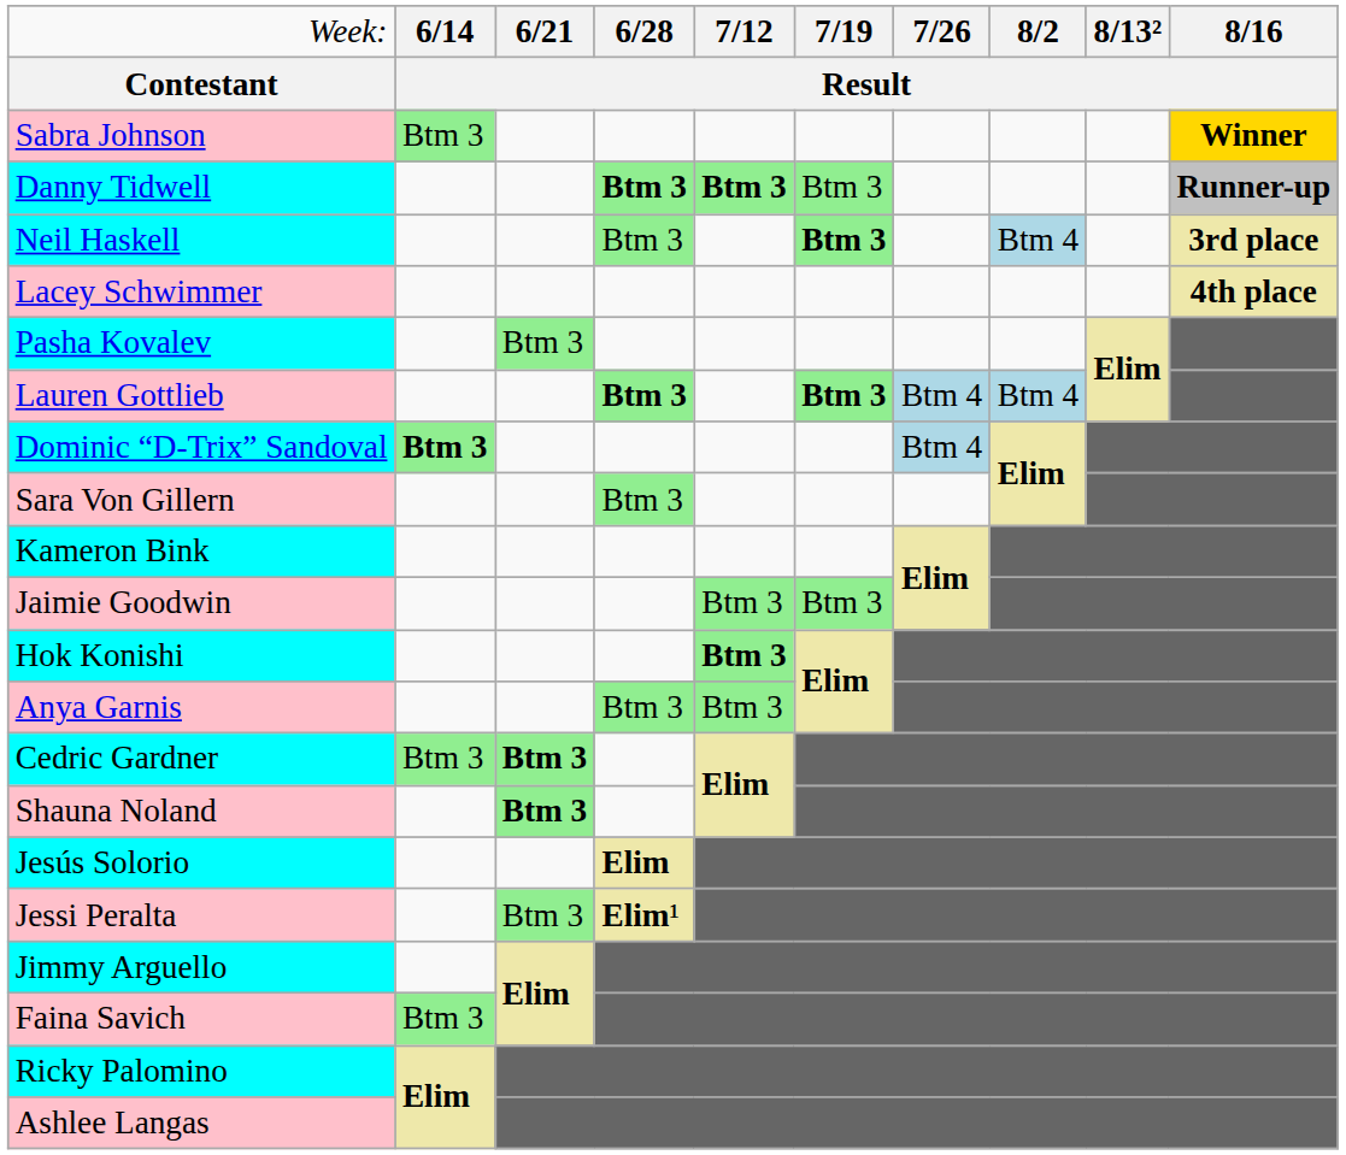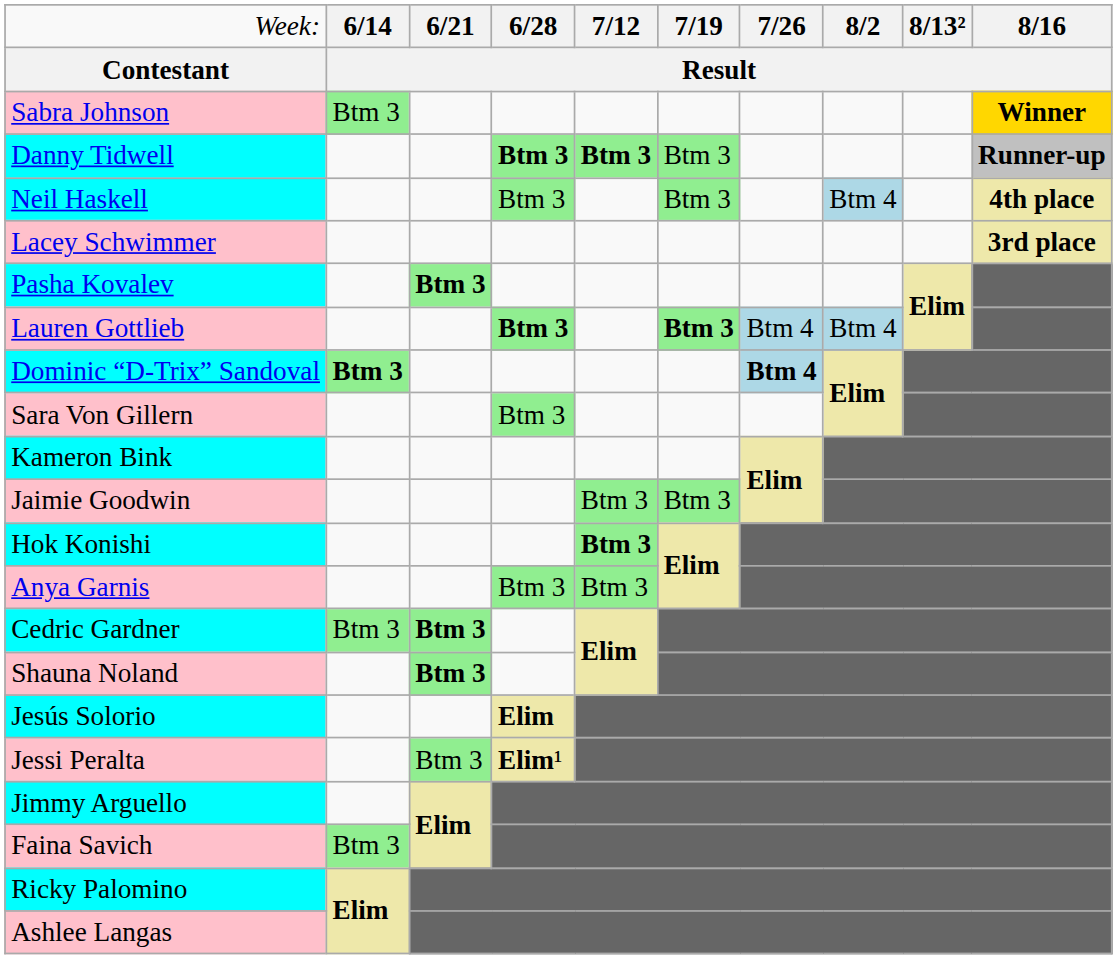 <table class="wikitable" style="margin:1em auto;">
 <tr>
 <td align="right"><em>Week:</em></td>
 <th>6/14</th>
 <th>6/21</th>
 <th>6/28</th>
 <th>7/12</th>
 <th>7/19</th>
 <th>7/26</th>
 <th>8/2</th>
 <th>8/13²</th>
 <th>8/16</th>
 </tr>
 <tr>
 <th>Contestant</th>
 <th colspan="9" align="center">Result</th>
 </tr>
 <tr>
 <td bgcolor="pink"><a href='#'>Sabra Johnson</a></td>
 <td bgcolor="lightgreen">Btm 3</td>
 <td></td>
 <td></td>
 <td></td>
 <td></td>
 <td></td>
 <td></td>
 <td></td>
 <td bgcolor="gold" align="center"><strong>Winner</strong></td>
 </tr>
 <tr>
 <td bgcolor="cyan"><a href='#'>Danny Tidwell</a></td>
 <td></td>
 <td></td>
 <td bgcolor="lightgreen"><strong>Btm 3</strong></td>
 <td bgcolor="lightgreen"><strong>Btm 3</strong></td>
 <td bgcolor="lightgreen">Btm 3</td>
 <td></td>
 <td></td>
 <td></td>
 <td bgcolor="silver" align="center"><strong>Runner-up</strong></td>
 </tr>
 <tr>
 <td bgcolor="cyan"><a href='#'>Neil Haskell</a></td>
 <td></td>
 <td></td>
 <td bgcolor="lightgreen">Btm 3</td>
 <td></td>
-<td bgcolor="lightgreen"><strong>Btm 3</strong></td>
+<td bgcolor="lightgreen">Btm 3</td>
 <td></td>
 <td bgcolor="lightblue">Btm 4</td>
 <td></td>
-<td bgcolor="palegoldenrod" align="center"><strong>3rd place</strong></td>
+<td bgcolor="palegoldenrod" align="center"><strong>4th place</strong></td>
 </tr>
 <tr>
 <td bgcolor="pink"><a href='#'>Lacey Schwimmer</a></td>
 <td></td>
 <td></td>
 <td></td>
 <td></td>
 <td></td>
 <td></td>
 <td></td>
 <td></td>
-<td bgcolor="palegoldenrod" align="center"><strong>4th place</strong></td>
+<td bgcolor="palegoldenrod" align="center"><strong>3rd place</strong></td>
 </tr>
 <tr>
 <td bgcolor="cyan"><a href='#'>Pasha Kovalev</a></td>
 <td></td>
-<td bgcolor="lightgreen">Btm 3</td>
+<td bgcolor="lightgreen"><strong>Btm 3</strong></td>
 <td></td>
 <td></td>
 <td></td>
 <td></td>
 <td></td>
 <td rowspan="2" bgcolor="palegoldenrod"><strong>Elim</strong></td>
 <td colspan="3" bgcolor="666666"></td>
 </tr>
 <tr>
 <td bgcolor="pink"><a href='#'>Lauren Gottlieb</a></td>
 <td></td>
 <td></td>
 <td bgcolor="lightgreen"><strong>Btm 3</strong></td>
 <td></td>
 <td bgcolor="lightgreen"><strong>Btm 3</strong></td>
 <td bgcolor="lightblue">Btm 4</td>
 <td bgcolor="lightblue">Btm 4</td>
 <td colspan="3" bgcolor="666666"></td>
 </tr>
 <tr>
 <td bgcolor="cyan"><a href='#'>Dominic “D-Trix” Sandoval</a></td>
 <td bgcolor="lightgreen"><strong>Btm 3</strong></td>
 <td></td>
 <td></td>
 <td></td>
 <td></td>
-<td bgcolor="lightblue">Btm 4</td>
+<td bgcolor="lightblue"><strong>Btm 4</strong></td>
 <td rowspan="2" bgcolor="palegoldenrod"><strong>Elim</strong></td>
 <td colspan="4" bgcolor="666666"></td>
 </tr>
 <tr>
 <td bgcolor="pink">Sara Von Gillern</td>
 <td></td>
 <td></td>
 <td bgcolor="lightgreen">Btm 3</td>
 <td></td>
 <td></td>
 <td></td>
 <td colspan="4" bgcolor="666666"></td>
 </tr>
 <tr>
 <td bgcolor="cyan">Kameron Bink</td>
 <td></td>
 <td></td>
 <td></td>
 <td></td>
 <td></td>
 <td rowspan="2" bgcolor="palegoldenrod"><strong>Elim</strong></td>
 <td colspan="5" bgcolor="666666"></td>
 </tr>
 <tr>
 <td bgcolor="pink">Jaimie Goodwin</td>
 <td></td>
 <td></td>
 <td></td>
 <td bgcolor="lightgreen">Btm 3</td>
 <td bgcolor="lightgreen">Btm 3</td>
 <td colspan="5" bgcolor="666666"></td>
 </tr>
 <tr>
 <td bgcolor="cyan">Hok Konishi</td>
 <td></td>
 <td></td>
 <td></td>
 <td bgcolor="lightgreen"><strong>Btm 3</strong></td>
 <td rowspan="2" bgcolor="palegoldenrod"><strong>Elim</strong></td>
 <td colspan="6" bgcolor="666666"></td>
 </tr>
 <tr>
 <td bgcolor="pink"><a href='#'>Anya Garnis</a></td>
 <td></td>
 <td></td>
 <td bgcolor="lightgreen">Btm 3</td>
 <td bgcolor="lightgreen">Btm 3</td>
 <td colspan="6" bgcolor="666666"></td>
 </tr>
 <tr>
 <td bgcolor="cyan">Cedric Gardner</td>
 <td bgcolor="lightgreen">Btm 3</td>
 <td bgcolor="lightgreen"><strong>Btm 3</strong></td>
 <td></td>
 <td rowspan="2" bgcolor="palegoldenrod"><strong>Elim</strong></td>
 <td colspan="7" bgcolor="666666"></td>
 </tr>
 <tr>
 <td bgcolor="pink">Shauna Noland</td>
 <td></td>
 <td bgcolor="lightgreen"><strong>Btm 3</strong></td>
 <td></td>
 <td colspan="7" bgcolor="666666"></td>
 </tr>
 <tr>
 <td bgcolor="cyan">Jesús Solorio</td>
 <td></td>
 <td></td>
 <td bgcolor="palegoldenrod"><strong>Elim</strong></td>
 <td colspan="8" bgcolor="666666"></td>
 </tr>
 <tr>
 <td bgcolor="pink">Jessi Peralta</td>
 <td></td>
 <td bgcolor="lightgreen">Btm 3</td>
 <td bgcolor="palegoldenrod"><strong>Elim</strong>¹</td>
 <td colspan="8" bgcolor="666666"></td>
 </tr>
 <tr>
 <td bgcolor="cyan">Jimmy Arguello</td>
 <td></td>
 <td rowspan="2" bgcolor="palegoldenrod"><strong>Elim</strong></td>
 <td colspan="8" bgcolor="666666"></td>
 </tr>
 <tr>
 <td bgcolor="pink">Faina Savich</td>
 <td bgcolor="lightgreen">Btm 3</td>
 <td colspan="8" bgcolor="666666"></td>
 </tr>
 <tr>
 <td bgcolor="cyan">Ricky Palomino</td>
 <td rowspan="2" bgcolor="palegoldenrod"><strong>Elim</strong></td>
 <td colspan="8" bgcolor="666666"></td>
 </tr>
 <tr>
 <td bgcolor="pink">Ashlee Langas</td>
 <td colspan="8" bgcolor="666666"></td>
 </tr>
 </table>
